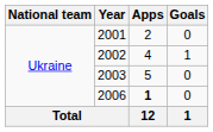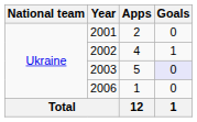 <table class="wikitable" style="text-align:center">
 <tr>
 <th>National team</th>
 <th>Year</th>
 <th>Apps</th>
 <th>Goals</th>
 </tr>
 <tr>
 <td rowspan="4"><a href='#'>Ukraine</a></td>
 <td>2001</td>
 <td>2</td>
 <td>0</td>
 </tr>
 <tr>
 <td>2002</td>
 <td>4</td>
 <td>1</td>
 </tr>
 <tr>
 <td>2003</td>
 <td>5</td>
-<td>0</td>
+<td style="background: lavender;">0</td>
 </tr>
 <tr>
 <td>2006</td>
-<td><strong>1</strong></td>
+<td>1</td>
 <td>0</td>
 </tr>
 <tr>
 <th colspan="2">Total</th>
 <th>12</th>
 <th>1</th>
 </tr>
 </table>
